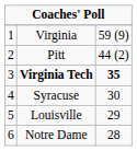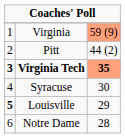 <table class="wikitable" style="display: inline-table;">
 <tr>
 <td align="center" Colspan="3"><strong>Coaches' Poll</strong></td>
 </tr>
 <tr align="center">
 </tr>
 <tr align="center">
 <td>1</td>
 <td>Virginia</td>
-<td>59 (9)</td>
+<td style="background: lightsalmon;">59 (9)</td>
 </tr>
 <tr align="center">
 <td>2</td>
 <td>Pitt</td>
 <td>44 (2)</td>
 </tr>
 <tr align="center">
-<td>3</td>
+<td><strong>3</strong></td>
 <td><strong>Virginia Tech</strong></td>
-<td><strong>35</strong></td>
+<td style="background: lightsalmon;"><strong>35</strong></td>
 </tr>
 <tr align="center">
 <td>4</td>
 <td>Syracuse</td>
 <td>30</td>
 </tr>
 <tr align="center">
-<td>5</td>
+<td><strong>5</strong></td>
 <td>Louisville</td>
 <td>29</td>
 </tr>
 <tr align="center">
 <td>6</td>
 <td>Notre Dame</td>
 <td>28</td>
 </tr>
 </table>
